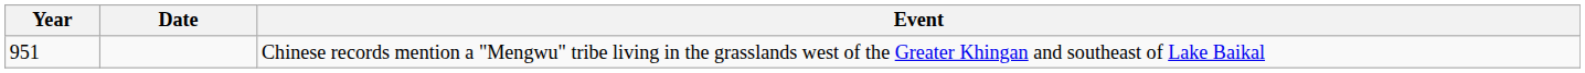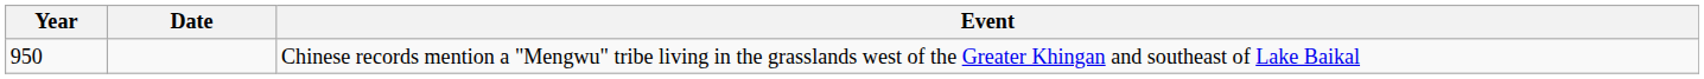 <table class="wikitable" width="100%">
 <tr>
 <th style="width:6%">Year</th>
 <th style="width:10%">Date</th>
 <th>Event</th>
 </tr>
 <tr>
-<td>951</td>
+<td>950</td>
 <td></td>
 <td>Chinese records mention a "Mengwu" tribe living in the grasslands west of the <a href='#'>Greater Khingan</a> and southeast of <a href='#'>Lake Baikal</a></td>
 </tr>
 </table>
